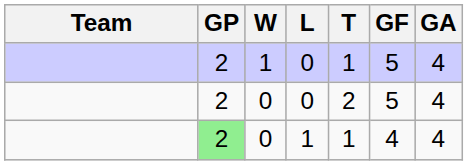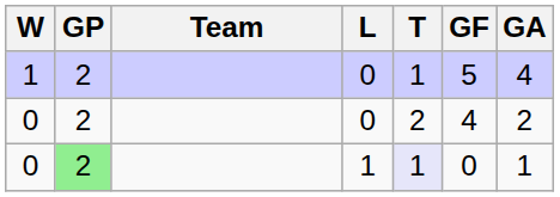 <table class="wikitable" style="text-align:center">
 <tr>
+<th width="20">W</th>
+<th width="20">GP</th>
 <th width="120">Team</th>
-<th width="20">GP</th>
-<th width="20">W</th>
 <th width="20">L</th>
 <th width="20">T</th>
 <th width="20">GF</th>
 <th width="20">GA</th>
 </tr>
 <tr bgcolor="#ccccff">
+<td>1</td>
+<td>2</td>
 <td align=left></td>
-<td>2</td>
-<td>1</td>
 <td>0</td>
 <td>1</td>
 <td>5</td>
 <td>4</td>
 </tr>
 <tr align=center>
-<td align=left></td>
-<td>2</td>
-<td>0</td>
 <td>0</td>
 <td>2</td>
-<td>5</td>
+<td align=left></td>
+<td>0</td>
+<td>2</td>
 <td>4</td>
+<td>2</td>
 </tr>
 <tr align=center>
+<td>0</td>
+<td style="background: lightgreen;">2</td>
 <td align=left></td>
-<td style="background: lightgreen;">2</td>
+<td>1</td>
+<td style="background: lavender;">1</td>
 <td>0</td>
 <td>1</td>
-<td>1</td>
-<td>4</td>
-<td>4</td>
 </tr>
 </table>
